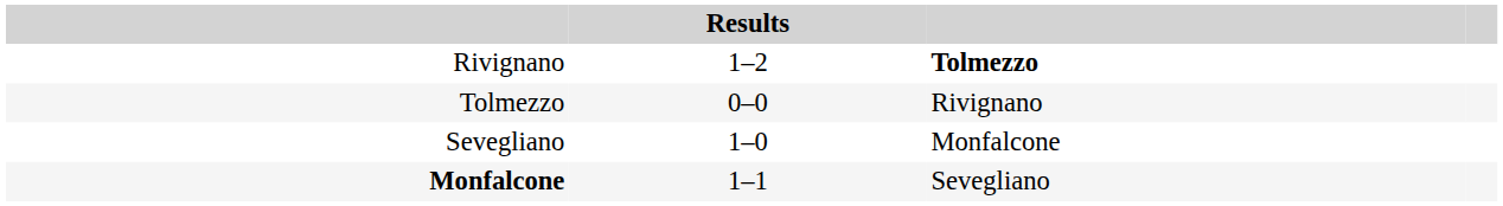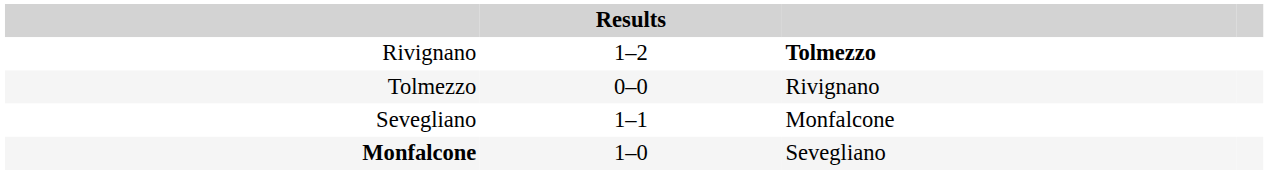 <table align=center style="font-size: 85%; border-collapse:collapse" border=0 cellspacing=0 cellpadding=2 width=60%>
 <tr bgcolor="D3D3D3">
 <th align=right></th>
 <th align=center>Results</th>
 <th align=left></th>
 <th align=center></th>
 </tr>
 <tr bgcolor=#FFFFFF>
 <td align=right>Rivignano</td>
 <td align=center>1–2</td>
 <td><strong>Tolmezzo</strong></td>
 <td align=center></td>
 </tr>
 <tr bgcolor=#F5F5F5>
 <td align=right>Tolmezzo</td>
 <td align=center>0–0</td>
 <td>Rivignano</td>
 <td align=center></td>
 </tr>
 <tr bgcolor=#FFFFFF>
 <td align=right>Sevegliano</td>
-<td align=center>1–0</td>
+<td align=center>1–1</td>
 <td>Monfalcone</td>
 <td align=center></td>
 </tr>
 <tr bgcolor=#F5F5F5>
 <td align=right><strong>Monfalcone</strong></td>
-<td align=center>1–1</td>
+<td align=center>1–0</td>
 <td>Sevegliano</td>
 <td align=center></td>
 </tr>
 </table>
